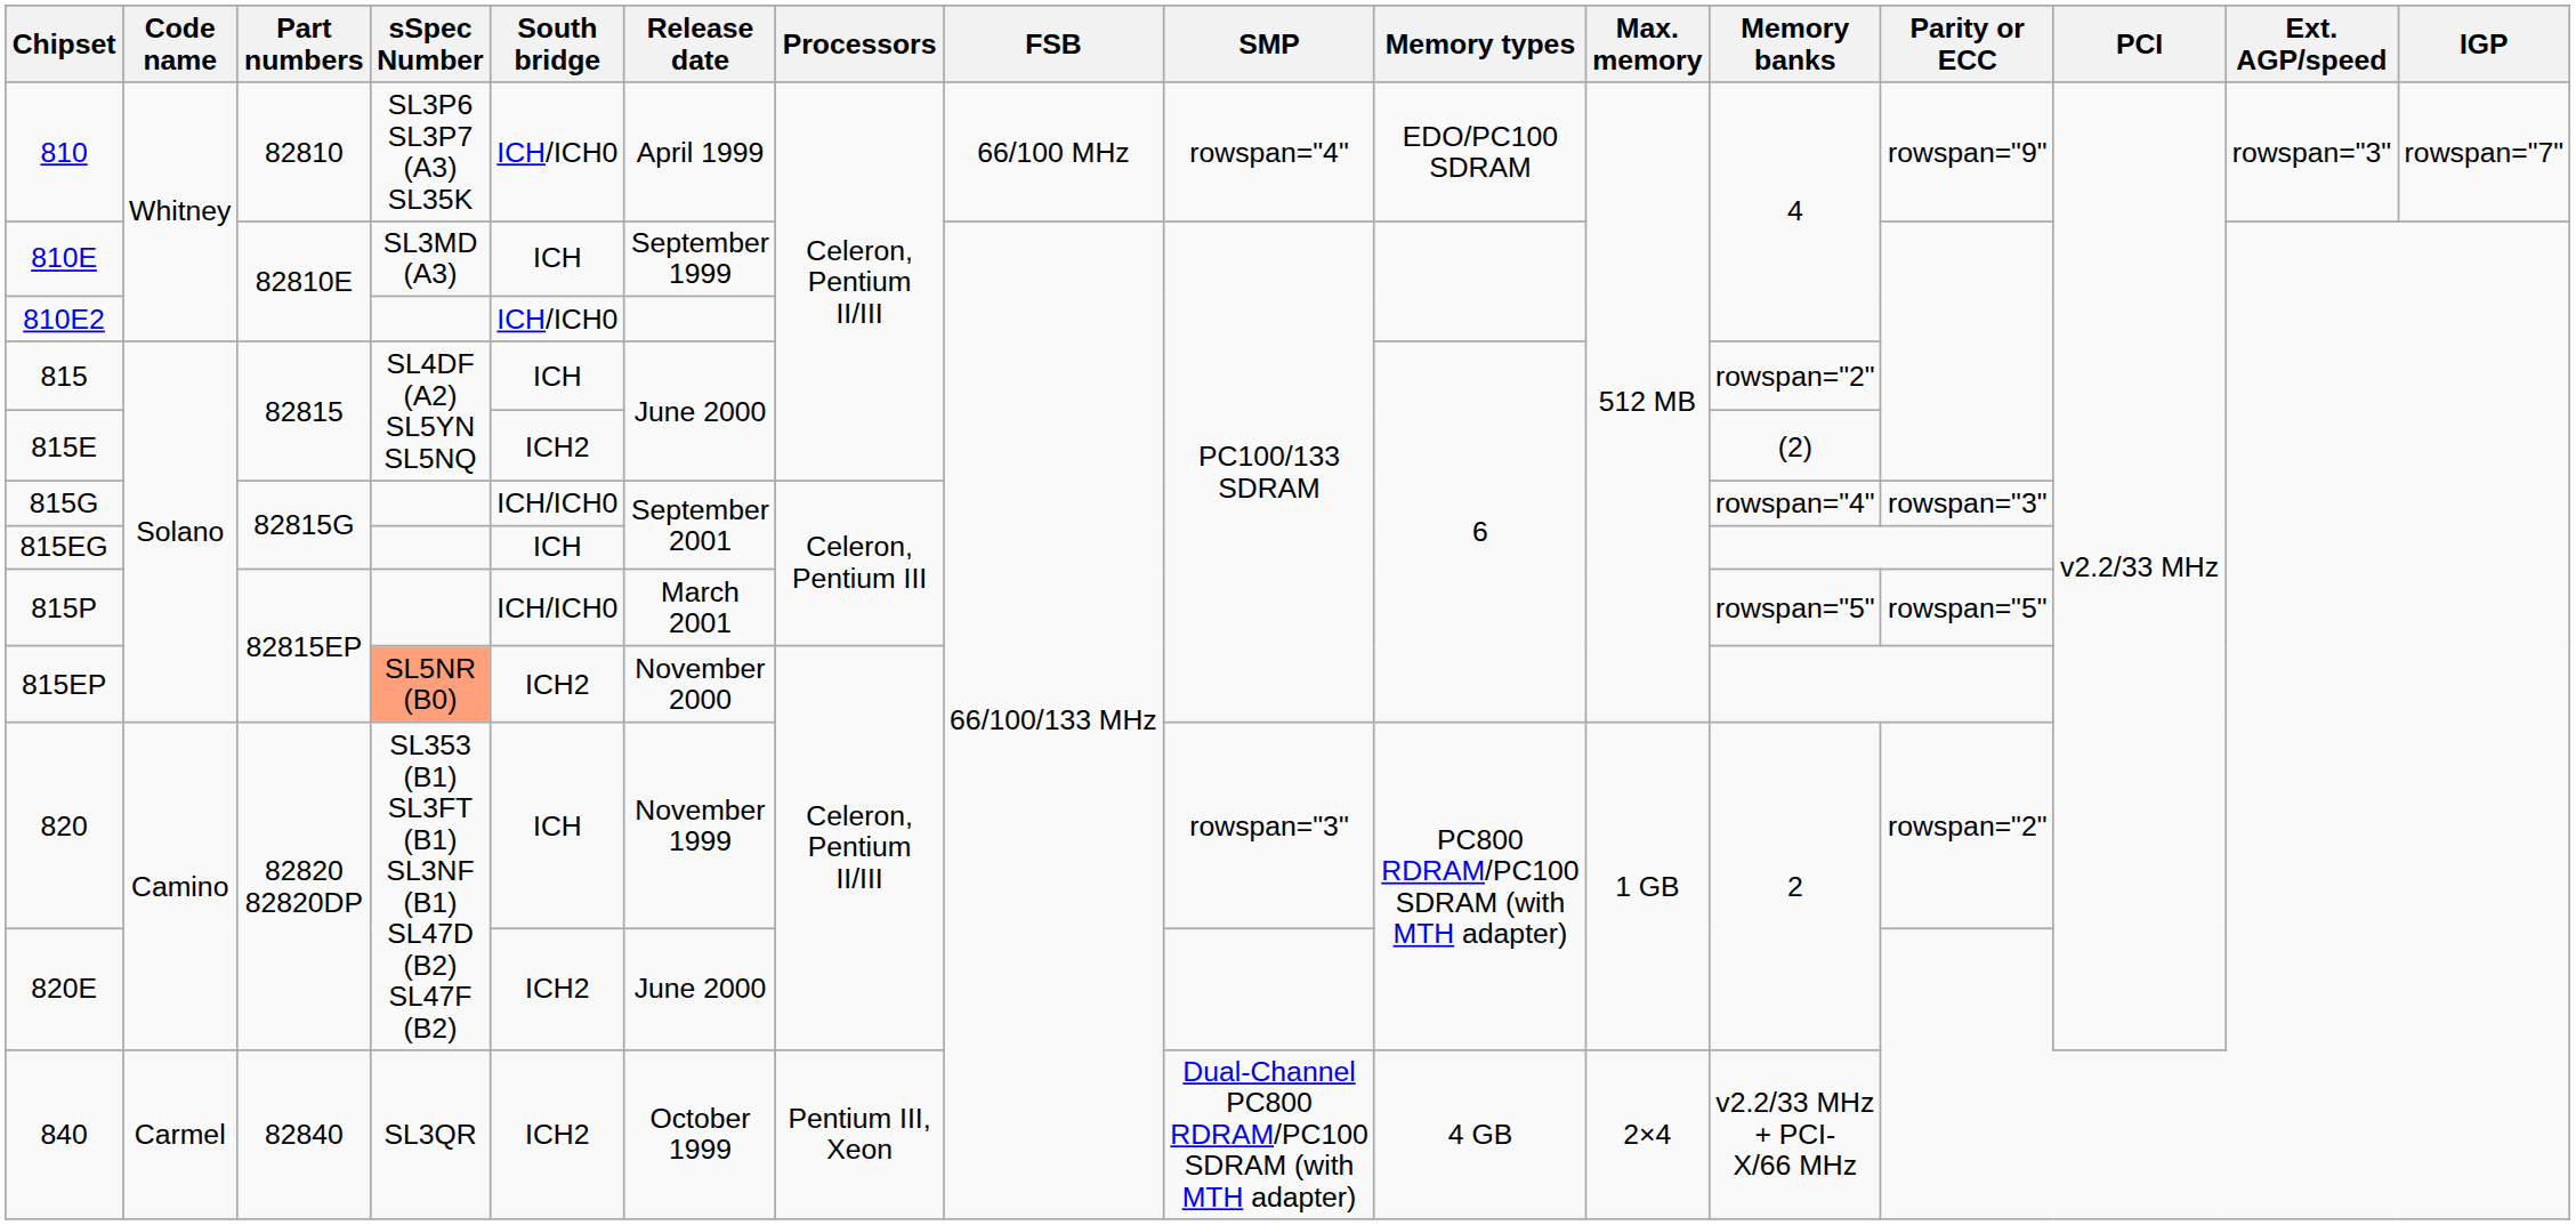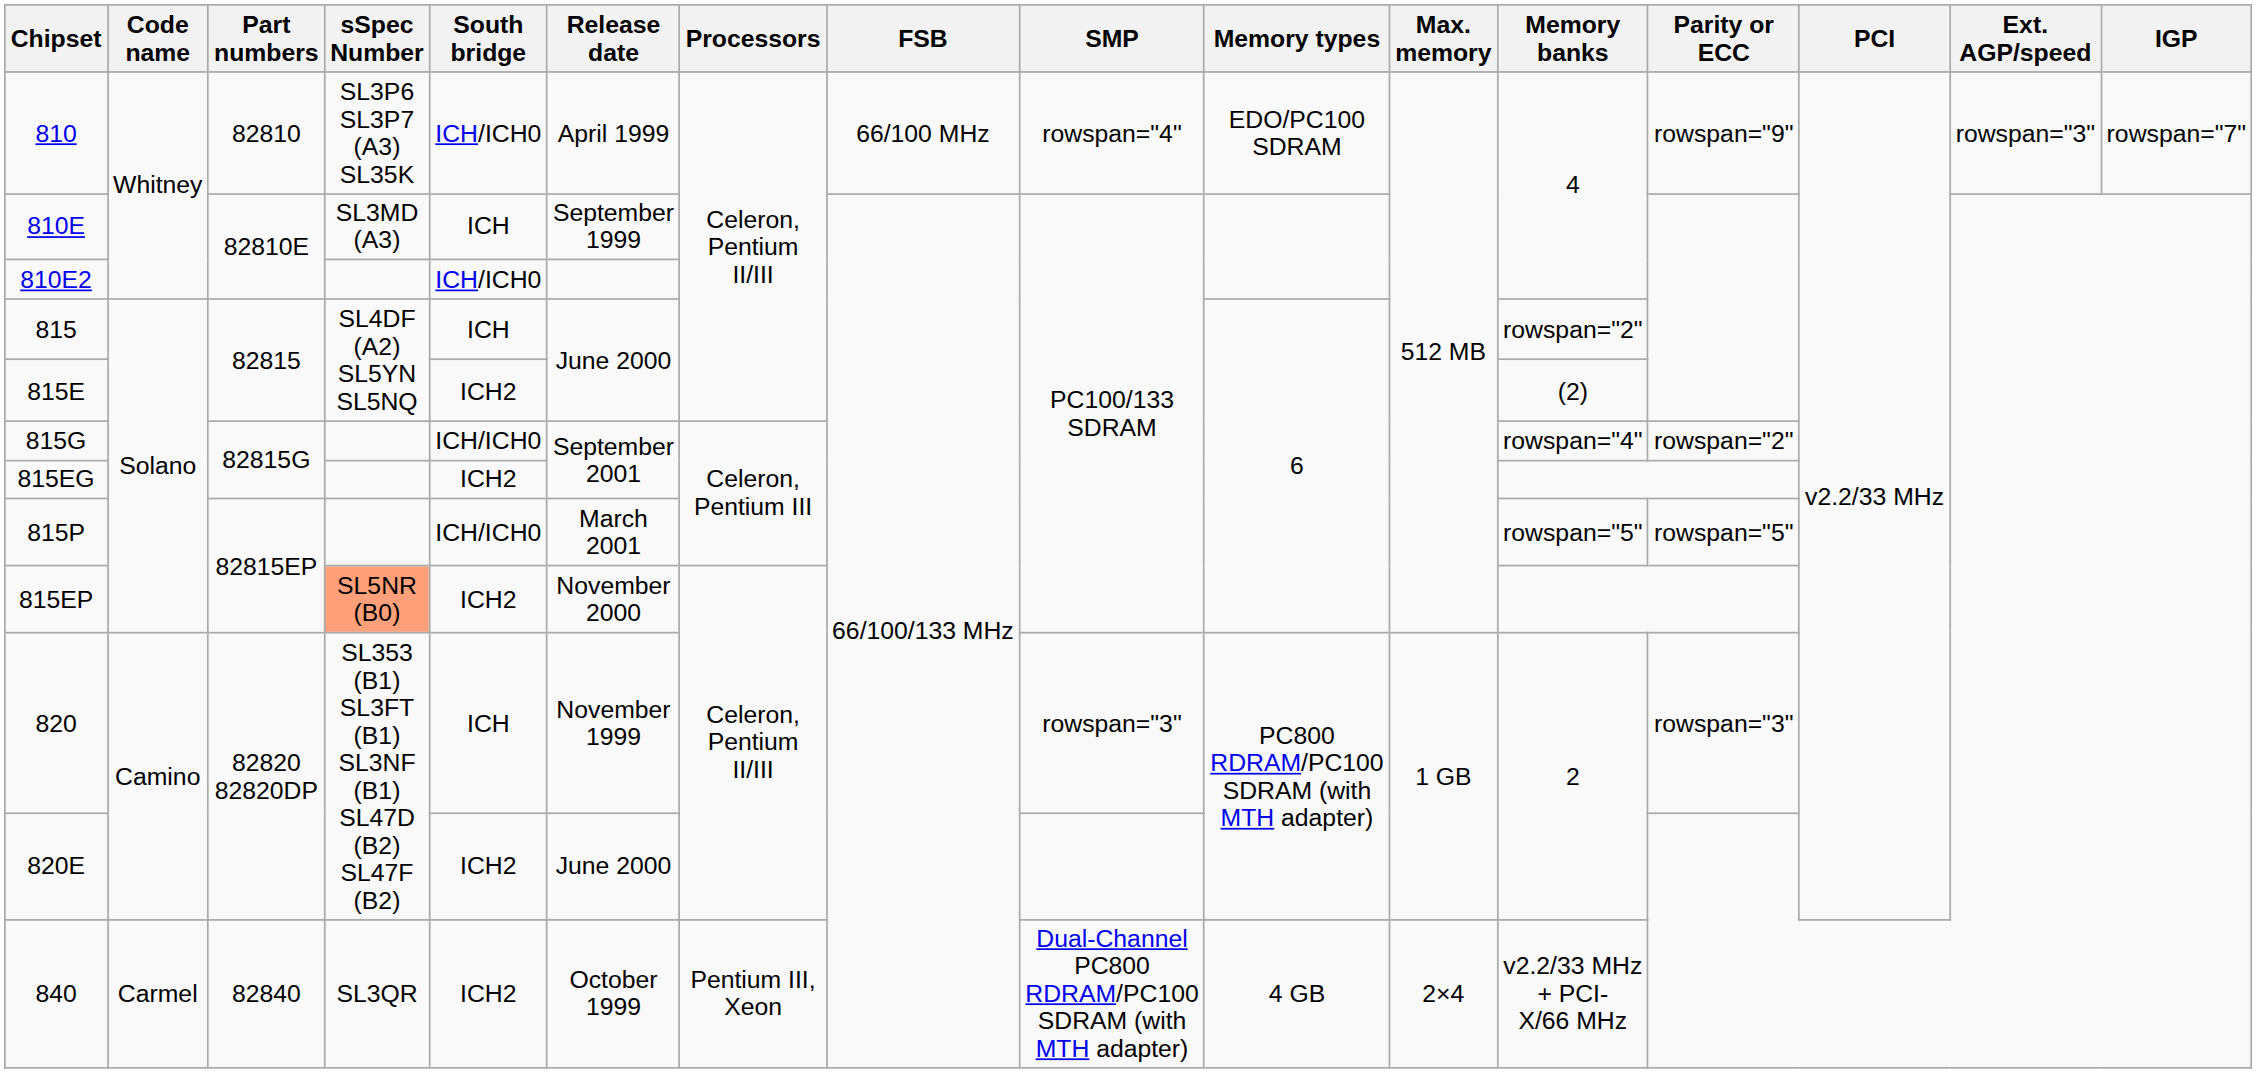 <table class="wikitable" style="font-size: 90%; text-align:center;">
 <tr>
 <th>Chipset</th>
 <th>Code name</th>
 <th>Part numbers</th>
 <th>sSpec Number</th>
 <th>South bridge</th>
 <th>Release date</th>
 <th>Processors</th>
 <th>FSB</th>
 <th>SMP</th>
 <th>Memory types</th>
 <th>Max. memory</th>
 <th>Memory banks</th>
 <th>Parity or ECC</th>
 <th>PCI</th>
 <th>Ext. AGP/speed</th>
 <th>IGP</th>
 </tr>
 <tr>
 <td><a href='#'>810</a></td>
 <td rowspan="3">Whitney</td>
 <td>82810</td>
 <td>SL3P6<br>SL3P7 (A3)<br>SL35K</td>
 <td><a href='#'>ICH</a>/ICH0</td>
 <td>April 1999</td>
 <td rowspan="5">Celeron, Pentium II/III</td>
 <td>66/100 MHz</td>
 <td>rowspan="4" </td>
 <td>EDO/PC100 SDRAM</td>
 <td rowspan="9">512 MB</td>
 <td rowspan="3">4</td>
 <td>rowspan="9" </td>
 <td rowspan="11">v2.2/33 MHz</td>
 <td>rowspan="3" </td>
 <td>rowspan="7" </td>
 </tr>
 <tr>
 <td><a href='#'>810E</a></td>
 <td rowspan="2">82810E</td>
 <td>SL3MD (A3)</td>
 <td>ICH</td>
 <td>September 1999</td>
 <td rowspan="11">66/100/133 MHz</td>
 <td rowspan="8">PC100/133 SDRAM</td>
 </tr>
 <tr>
 <td><a href='#'>810E2</a></td>
 <td></td>
 <td><a href='#'>ICH</a>/ICH0</td>
 <td></td>
 </tr>
 <tr>
 <td>815</td>
 <td rowspan="6">Solano</td>
 <td rowspan="2">82815</td>
 <td rowspan="2">SL4DF (A2)<br>SL5YN<br>SL5NQ</td>
 <td>ICH</td>
 <td rowspan="2">June 2000</td>
 <td rowspan="6">6</td>
 <td>rowspan="2" </td>
 </tr>
 <tr>
 <td>815E</td>
 <td>ICH2</td>
 <td> (2)</td>
 </tr>
 <tr>
 <td>815G</td>
 <td rowspan="2">82815G</td>
 <td></td>
 <td>ICH/ICH0</td>
 <td rowspan="2">September 2001</td>
 <td rowspan="3">Celeron, Pentium III</td>
 <td>rowspan="4" </td>
-<td>rowspan="3" </td>
+<td>rowspan="2" </td>
 </tr>
 <tr>
 <td>815EG</td>
 <td></td>
-<td>ICH</td>
+<td>ICH2</td>
 </tr>
 <tr>
 <td>815P</td>
 <td rowspan="2">82815EP</td>
 <td></td>
 <td>ICH/ICH0</td>
 <td>March 2001</td>
 <td>rowspan="5" </td>
 <td>rowspan="5" </td>
 </tr>
 <tr>
 <td>815EP</td>
 <td style="background: lightsalmon;">SL5NR (B0)</td>
 <td>ICH2</td>
 <td>November 2000</td>
 <td rowspan="3">Celeron, Pentium II/III</td>
 </tr>
 <tr>
 <td>820</td>
 <td rowspan="2">Camino</td>
 <td rowspan="2">82820<br>82820DP</td>
 <td rowspan="2">SL353 (B1)<br>SL3FT (B1)<br>SL3NF (B1)<br>SL47D (B2)<br>SL47F (B2)</td>
 <td>ICH</td>
 <td>November 1999</td>
 <td>rowspan="3" </td>
 <td rowspan="2">PC800 <a href='#'>RDRAM</a>/PC100 SDRAM (with <a href='#'>MTH</a> adapter)</td>
 <td rowspan="2">1 GB</td>
 <td rowspan="2">2</td>
-<td>rowspan="2" </td>
+<td>rowspan="3" </td>
 </tr>
 <tr>
 <td>820E</td>
 <td>ICH2</td>
 <td>June 2000</td>
 </tr>
 <tr>
 <td>840</td>
 <td>Carmel</td>
 <td>82840</td>
 <td>SL3QR</td>
 <td>ICH2</td>
 <td>October 1999</td>
 <td>Pentium III, Xeon</td>
 <td><a href='#'>Dual-Channel</a> PC800 <a href='#'>RDRAM</a>/PC100 SDRAM (with <a href='#'>MTH</a> adapter)</td>
 <td>4 GB</td>
 <td>2×4</td>
 <td>v2.2/33 MHz + PCI-X/66 MHz</td>
 </tr>
 </table>
